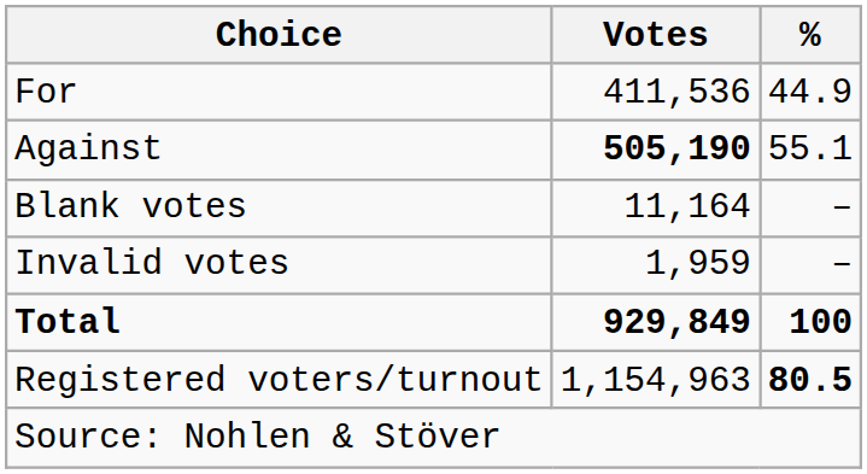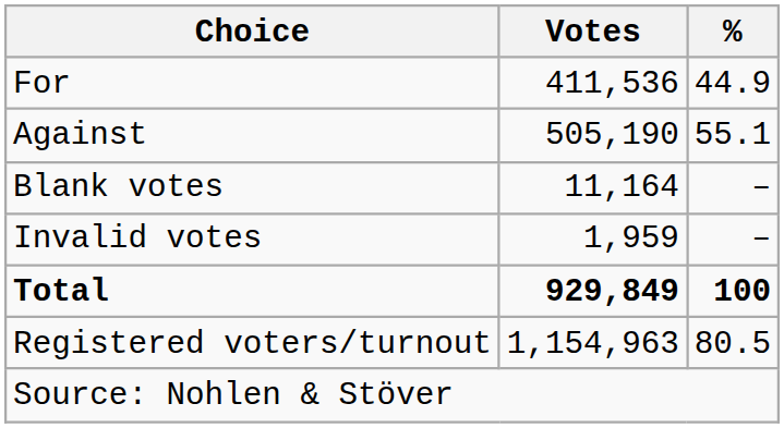 <table class=wikitable style=text-align:right>
 <tr>
 <th>Choice</th>
 <th>Votes</th>
 <th>%</th>
 </tr>
 <tr>
 <td align=left>For</td>
 <td>411,536</td>
 <td>44.9</td>
 </tr>
 <tr>
 <td align=left>Against</td>
-<td><strong>505,190</strong></td>
+<td>505,190</td>
 <td>55.1</td>
 </tr>
 <tr>
 <td align=left>Blank votes</td>
 <td>11,164</td>
 <td>–</td>
 </tr>
 <tr>
 <td align=left>Invalid votes</td>
 <td>1,959</td>
 <td>–</td>
 </tr>
 <tr>
 <td align=left><strong>Total</strong></td>
 <td><strong>929,849</strong></td>
 <td><strong>100</strong></td>
 </tr>
 <tr>
 <td align=left>Registered voters/turnout</td>
 <td>1,154,963</td>
-<td><strong>80.5</strong></td>
+<td>80.5</td>
 </tr>
 <tr>
 <td align=left colspan=3>Source: Nohlen & Stöver</td>
 </tr>
 </table>
